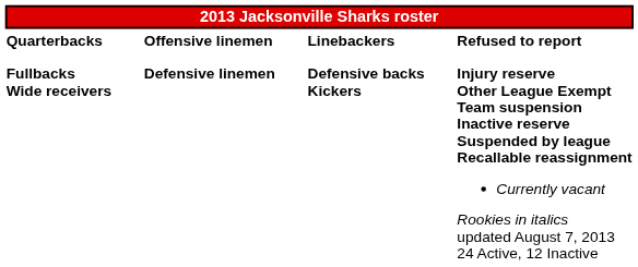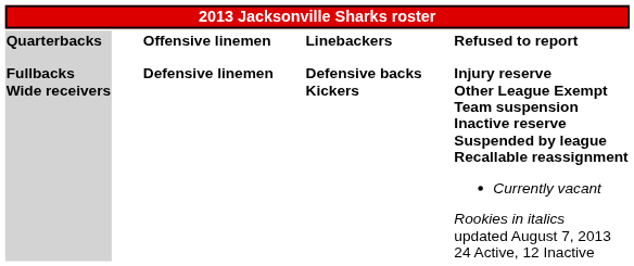 <table class="toccolours" style="text-align: left;">
 <tr>
 <th colspan=7 style="background:#d00; border: 2px solid #000; color:white; text-align:center;"><strong>2013 Jacksonville Sharks roster</strong></th>
 </tr>
 <tr>
-<td style="font-size: 95%;" valign="top"><strong>Quarterbacks</strong><br> <br><strong>Fullbacks</strong> <br><strong>Wide receivers</strong>     </td>
+<td style="background: lightgrey; font-size: 95%;" valign="top"><strong>Quarterbacks</strong><br> <br><strong>Fullbacks</strong> <br><strong>Wide receivers</strong>     </td>
 <td style="width: 25px;"></td>
 <td style="font-size: 95%;" valign="top"><strong>Offensive linemen</strong><br>   <br><strong>Defensive linemen</strong>     </td>
 <td style="width: 25px;"></td>
 <td style="font-size: 95%;" valign="top"><strong>Linebackers</strong><br> <br><strong>Defensive backs</strong>    <br><strong>Kickers</strong> </td>
 <td style="width: 25px;"></td>
 <td style="font-size: 95%;" valign="top"><strong>Refused to report</strong><br> <br><strong>Injury reserve</strong>   <br><strong>Other League Exempt</strong>   <br><strong>Team suspension</strong> <br><strong>Inactive reserve</strong>  <br><strong>Suspended by league</strong> <br><strong>Recallable reassignment</strong><ul><li><em>Currently vacant</em></li></ul> <em>Rookies in italics</em><br> <span></span> updated August 7, 2013<br> 24 Active, 12 Inactive </td>
 </tr>
 <tr>
 </tr>
 </table>
